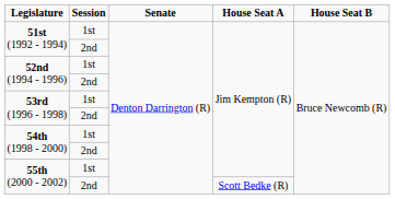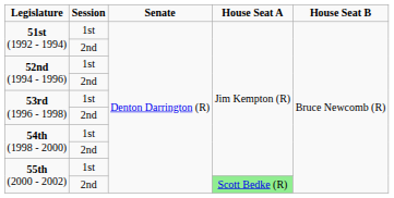 <table class=wikitable style="text-align:center">
 <tr>
 <td><strong>Legislature</strong></td>
 <td><strong>Session</strong></td>
 <td><strong>Senate</strong></td>
 <td><strong>House Seat A</strong></td>
 <td><strong>House Seat B</strong></td>
 </tr>
 <tr>
 <td rowspan="2" colspan="1" style="text-align: center;"><strong>51st</strong> <br> (1992 - 1994)</td>
 <td>1st</td>
 <td rowspan="10" colspan="1" style="text-align: center;" ><a href='#'>Denton Darrington</a> (R)</td>
 <td rowspan="9" colspan="1" style="text-align: center;" >Jim Kempton (R)</td>
 <td rowspan="10" colspan="1" style="text-align: center;" >Bruce Newcomb (R)</td>
 </tr>
 <tr>
 <td>2nd</td>
 </tr>
 <tr>
 <td rowspan="2" colspan="1" style="text-align: center;"><strong>52nd</strong> <br> (1994 - 1996)</td>
 <td>1st</td>
 </tr>
 <tr>
 <td>2nd</td>
 </tr>
 <tr>
 <td rowspan="2" colspan="1" style="text-align: center;"><strong>53rd</strong> <br> (1996 - 1998)</td>
 <td>1st</td>
 </tr>
 <tr>
 <td>2nd</td>
 </tr>
 <tr>
 <td rowspan="2" colspan="1" style="text-align: center;"><strong>54th</strong> <br> (1998 - 2000)</td>
 <td>1st</td>
 </tr>
 <tr>
 <td>2nd</td>
 </tr>
 <tr>
 <td rowspan="2" colspan="1" style="text-align: center;"><strong>55th</strong> <br> (2000 - 2002)</td>
 <td>1st</td>
 </tr>
 <tr>
 <td>2nd</td>
-<td rowspan="1" colspan="1" style="text-align: center;" ><a href='#'>Scott Bedke</a> (R)</td>
+<td rowspan="1" colspan="1" style="background: lightgreen; text-align: center;" ><a href='#'>Scott Bedke</a> (R)</td>
 </tr>
 </table>
